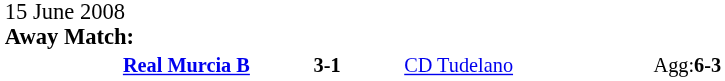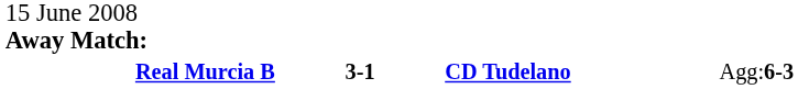 <table width=100% cellspacing=1>
 <tr>
 <th width=20%></th>
 <th width=12%></th>
 <th width=20%></th>
 <th></th>
 </tr>
 <tr>
 <td>15 June 2008<br><strong>Away Match:</strong></td>
 </tr>
 <tr style=font-size:90%>
 <td align=right><strong><a href='#'>Real Murcia B</a></strong></td>
 <td align=center><strong>3-1</strong></td>
-<td><a href='#'>CD Tudelano</a></td>
+<td><strong><a href='#'>CD Tudelano</a></strong></td>
 <td>Agg:<strong>6-3</strong></td>
 </tr>
 </table>
